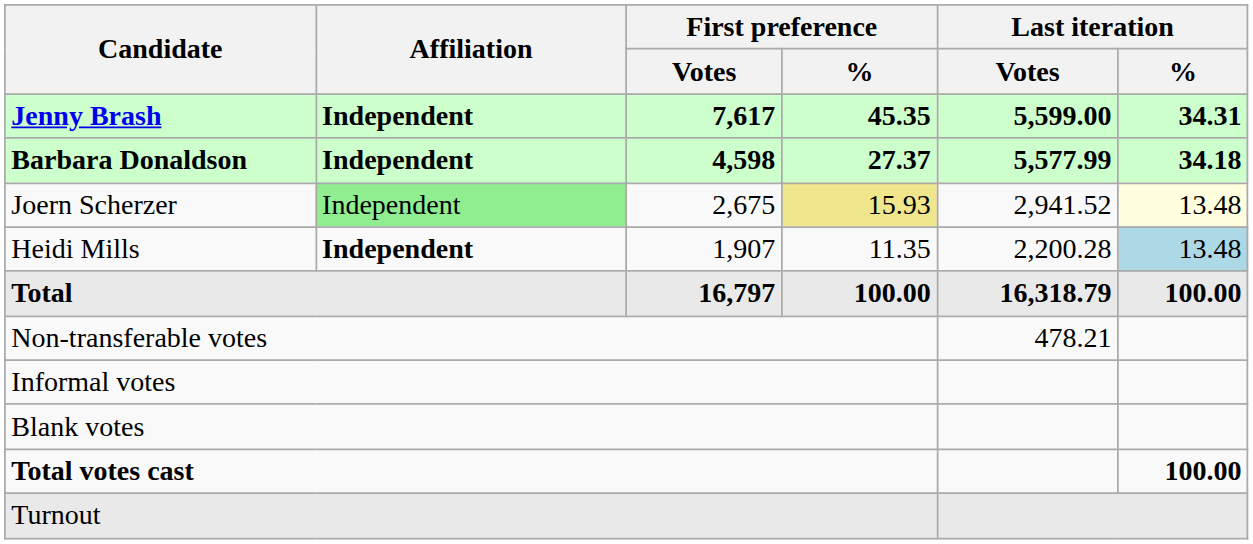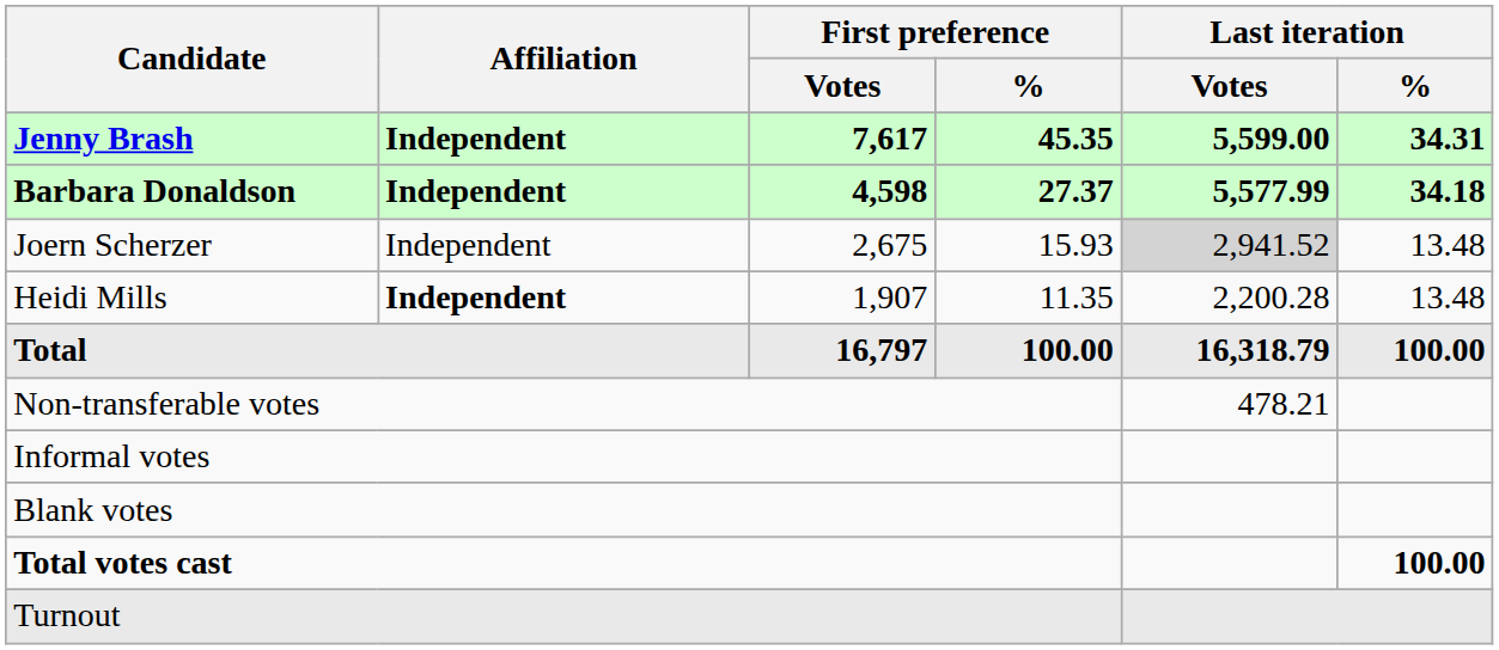 <table class="wikitable">
 <tr style="background:#e9e9e9;">
 <th rowspan="2" style="width:20%;">Candidate</th>
 <th rowspan="2" style="width:20%;">Affiliation</th>
 <th colspan="2" style="width:20%;">First preference</th>
 <th colspan="2" style="width:20%;">Last iteration</th>
 </tr>
 <tr style="background:#e9e9e9;">
 <th>Votes</th>
 <th>%</th>
 <th>Votes</th>
 <th>%</th>
 </tr>
 <tr style="text-align:right;background:#cfc;">
 <td style="text-align:left;"><strong><a href='#'>Jenny Brash</a> </strong></td>
 <td style="text-align:left;"><strong>Independent</strong></td>
 <td><strong>7,617</strong></td>
 <td><strong>45.35</strong></td>
 <td><strong>5,599.00</strong></td>
 <td><strong>34.31</strong></td>
 </tr>
 <tr style="text-align:right;background:#cfc;">
 <td style="text-align:left;"><strong>Barbara Donaldson</strong></td>
 <td style="text-align:left;"><strong>Independent</strong></td>
 <td><strong>4,598</strong></td>
 <td><strong>27.37</strong></td>
 <td><strong>5,577.99</strong></td>
 <td><strong>34.18</strong></td>
 </tr>
 <tr style="text-align:right;">
 <td style="text-align:left;">Joern Scherzer</td>
-<td style="background: lightgreen; text-align:left;">Independent</td>
+<td style="text-align:left;">Independent</td>
 <td>2,675</td>
-<td style="background: khaki;">15.93</td>
-<td>2,941.52</td>
-<td style="background: lightyellow;">13.48</td>
+<td>15.93</td>
+<td style="background: lightgrey;">2,941.52</td>
+<td>13.48</td>
 </tr>
 <tr style="text-align:right;">
 <td style="text-align:left;">Heidi Mills</td>
 <td style="text-align:left;"><strong>Independent</strong></td>
 <td>1,907</td>
 <td>11.35</td>
 <td>2,200.28</td>
-<td style="background: lightblue;">13.48</td>
+<td>13.48</td>
 </tr>
 <tr style="background:#e9e9e9;text-align:right;">
 <td colspan=2 style="text-align:left;"><strong>Total</strong></td>
 <td><strong>16,797</strong></td>
 <td><strong>100.00</strong></td>
 <td><strong>16,318.79</strong></td>
 <td><strong>100.00</strong></td>
 </tr>
 <tr style="text-align:right;">
 <td colspan=4 style="text-align:left;">Non-transferable votes</td>
 <td>478.21</td>
 <td></td>
 </tr>
 <tr style="text-align:right;">
 <td colspan=4 style="text-align:left;">Informal votes</td>
 <td></td>
 <td></td>
 </tr>
 <tr style="text-align:right;">
 <td colspan=4 style="text-align:left;">Blank votes</td>
 <td></td>
 <td></td>
 </tr>
 <tr style="text-align:right;">
 <td colspan=4 style="text-align:left;"><strong>Total votes cast</strong></td>
 <td></td>
 <td><strong>100.00</strong></td>
 </tr>
 <tr style="background:#e9e9e9;text-align:right;">
 <td colspan=4 style="text-align:left;">Turnout</td>
 <td colspan=2></td>
 </tr>
 </table>
